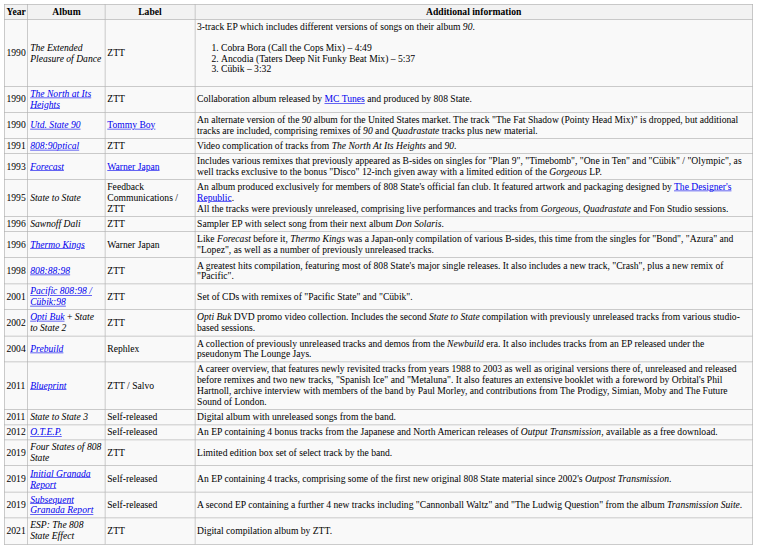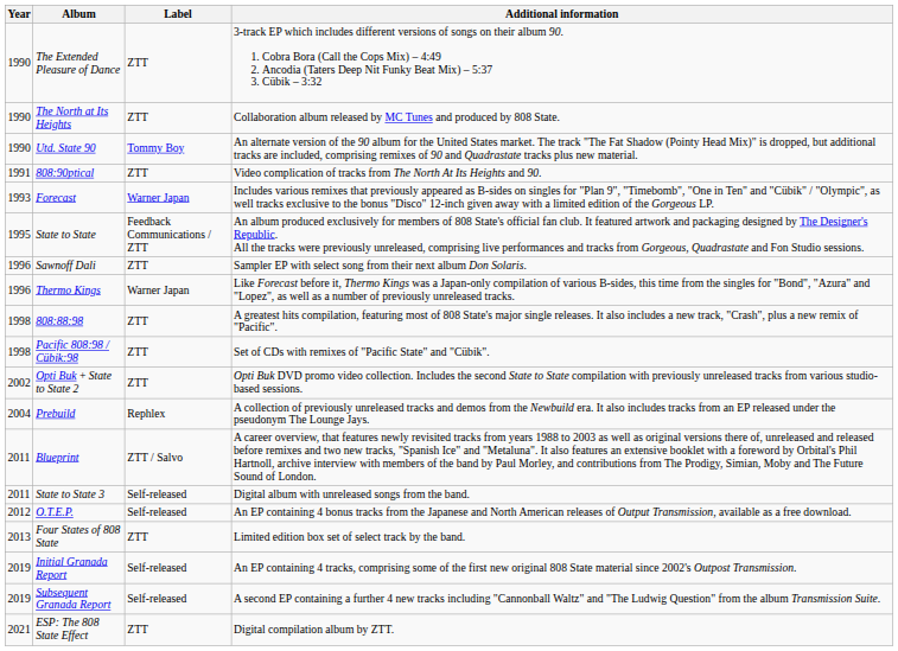 <table class="wikitable">
 <tr>
 <th>Year</th>
 <th>Album</th>
 <th>Label</th>
 <th>Additional information</th>
 </tr>
 <tr>
 <td>1990</td>
 <td><em>The Extended Pleasure of Dance</em></td>
 <td>ZTT</td>
 <td>3-track EP which includes different versions of songs on their album <em>90</em>.<br><ol><li>Cobra Bora (Call the Cops Mix) – 4:49</li><li>Ancodia (Taters Deep Nit Funky Beat Mix) – 5:37</li><li>Cübik – 3:32</li></ol></td>
 </tr>
 <tr>
 <td>1990</td>
 <td><em><a href='#'>The North at Its Heights</a></em></td>
 <td>ZTT</td>
 <td>Collaboration album released by <a href='#'>MC Tunes</a> and produced by 808 State.</td>
 </tr>
 <tr>
 <td>1990</td>
 <td><em><a href='#'>Utd. State 90</a></em></td>
 <td><a href='#'>Tommy Boy</a></td>
 <td>An alternate version of the <em>90</em> album for the United States market. The track "The Fat Shadow (Pointy Head Mix)" is dropped, but additional tracks are included, comprising remixes of <em>90</em> and <em>Quadrastate</em> tracks plus new material.</td>
 </tr>
 <tr>
 <td>1991</td>
 <td><em><a href='#'>808:90ptical</a></em></td>
 <td>ZTT</td>
 <td>Video complication of tracks from <em>The North At Its Heights</em> and <em>90</em>.</td>
 </tr>
 <tr>
 <td>1993</td>
 <td><em><a href='#'>Forecast</a></em></td>
 <td><a href='#'>Warner Japan</a></td>
 <td>Includes various remixes that previously appeared as B-sides on singles for "Plan 9", "Timebomb", "One in Ten" and "Cübik" / "Olympic", as well tracks exclusive to the bonus "Disco" 12-inch given away with a limited edition of the <em>Gorgeous</em> LP.</td>
 </tr>
 <tr>
 <td>1995</td>
 <td><em>State to State</em></td>
 <td>Feedback Communications / ZTT</td>
 <td>An album produced exclusively for members of 808 State's official fan club. It featured artwork and packaging designed by <a href='#'>The Designer's Republic</a>.<br>All the tracks were previously unreleased, comprising live performances and tracks from <em>Gorgeous</em>, <em>Quadrastate</em> and Fon Studio sessions.</td>
 </tr>
 <tr>
 <td>1996</td>
 <td><em>Sawnoff Dali</em></td>
 <td>ZTT</td>
 <td>Sampler EP with select song from their next album <em>Don Solaris</em>.</td>
 </tr>
 <tr>
 <td>1996</td>
 <td><em><a href='#'>Thermo Kings</a></em></td>
 <td>Warner Japan</td>
 <td>Like <em>Forecast</em> before it, <em>Thermo Kings</em> was a Japan-only compilation of various B-sides, this time from the singles for "Bond", "Azura" and "Lopez", as well as a number of previously unreleased tracks.</td>
 </tr>
 <tr>
 <td>1998</td>
 <td><em><a href='#'>808:88:98</a></em></td>
 <td>ZTT</td>
 <td>A greatest hits compilation, featuring most of 808 State's major single releases. It also includes a new track, "Crash", plus a new remix of "Pacific".</td>
 </tr>
 <tr>
-<td>2001</td>
+<td>1998</td>
 <td><em><a href='#'>Pacific 808:98 / Cübik:98</a></em></td>
 <td>ZTT</td>
 <td>Set of CDs with remixes of "Pacific State" and "Cübik".</td>
 </tr>
 <tr>
 <td>2002</td>
 <td><em><a href='#'>Opti Buk</a></em> + <em>State to State 2</em></td>
 <td>ZTT</td>
 <td><em>Opti Buk</em> DVD promo video collection. Includes the second <em>State to State</em> compilation with previously unreleased tracks from various studio-based sessions.</td>
 </tr>
 <tr>
 <td>2004</td>
 <td><em><a href='#'>Prebuild</a></em></td>
 <td>Rephlex</td>
 <td>A collection of previously unreleased tracks and demos from the <em>Newbuild</em> era. It also includes tracks from an EP released under the pseudonym The Lounge Jays.</td>
 </tr>
 <tr>
 <td>2011</td>
 <td><em><a href='#'>Blueprint</a></em></td>
 <td>ZTT / Salvo</td>
 <td>A career overview, that features newly revisited tracks from years 1988 to 2003 as well as original versions there of, unreleased and released before remixes and two new tracks, "Spanish Ice" and "Metaluna". It also features an extensive booklet with a foreword by Orbital's Phil Hartnoll, archive interview with members of the band by Paul Morley, and contributions from The Prodigy, Simian, Moby and The Future Sound of London.</td>
 </tr>
 <tr>
 <td>2011</td>
 <td><em>State to State 3</em></td>
 <td>Self-released</td>
 <td>Digital album with unreleased songs from the band.</td>
 </tr>
 <tr>
 <td>2012</td>
 <td><em><a href='#'>O.T.E.P.</a></em></td>
 <td>Self-released</td>
 <td>An EP containing 4 bonus tracks from the Japanese and North American releases of <em>Output Transmission</em>, available as a free download.</td>
 </tr>
 <tr>
-<td>2019</td>
+<td>2013</td>
 <td><em>Four States of 808 State</em></td>
 <td>ZTT</td>
 <td>Limited edition box set of select track by the band.</td>
 </tr>
 <tr>
 <td>2019</td>
 <td><em><a href='#'>Initial Granada Report</a></em></td>
 <td>Self-released</td>
 <td>An EP containing 4 tracks, comprising some of the first new original 808 State material since 2002's <em>Outpost Transmission</em>.</td>
 </tr>
 <tr>
 <td>2019</td>
 <td><em><a href='#'>Subsequent Granada Report</a></em></td>
 <td>Self-released</td>
 <td>A second EP containing a further 4 new tracks including "Cannonball Waltz" and "The Ludwig Question" from the album <em>Transmission Suite</em>.</td>
 </tr>
 <tr>
 <td>2021</td>
 <td><em>ESP: The 808 State Effect</em></td>
 <td>ZTT</td>
 <td>Digital compilation album by ZTT.</td>
 </tr>
 </table>
